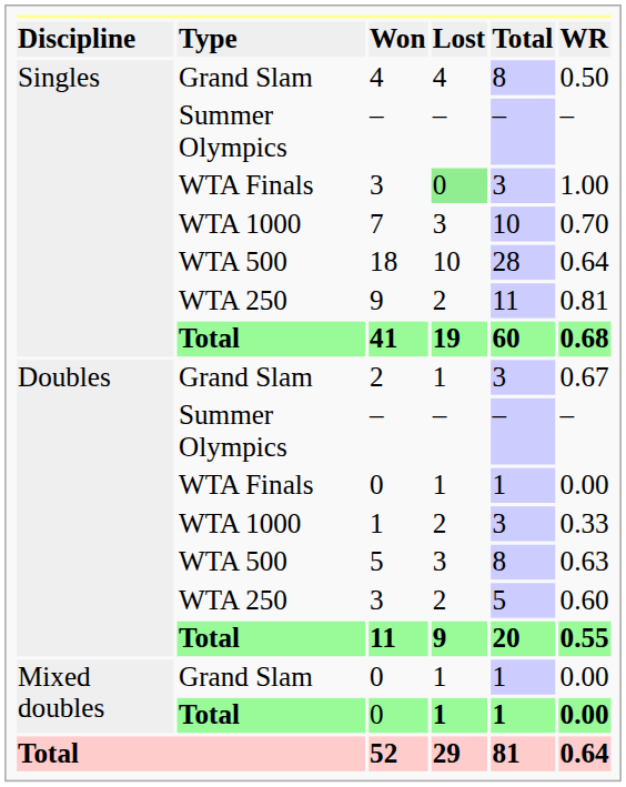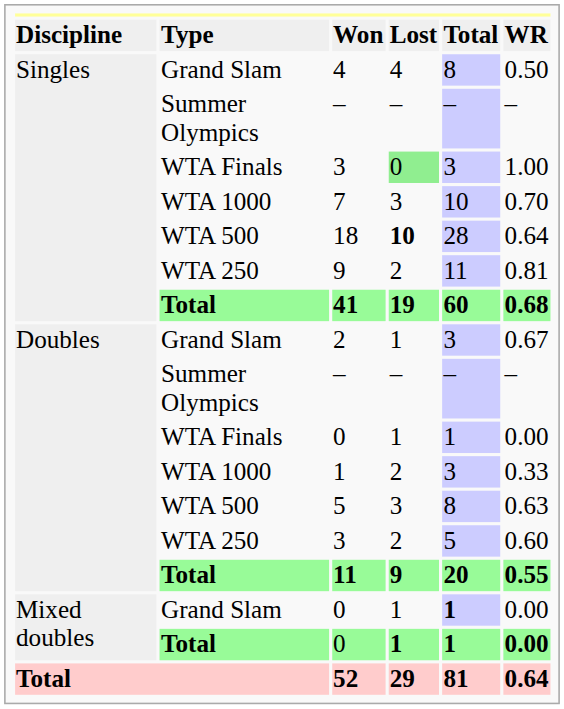 <table class="infobox vcard vevent nowrap" width=40%>
 <tr bgcolor=FFFF99>
 <th colspan=6></th>
 </tr>
 <tr style=background:#efefef;font-weight:bold>
 <td>Discipline</td>
 <td>Type</td>
 <td>Won</td>
 <td>Lost</td>
 <td>Total</td>
 <td>WR</td>
 </tr>
 <tr>
 <td rowspan="7" bgcolor=efefef>Singles</td>
 <td>Grand Slam</td>
 <td>4</td>
 <td>4</td>
 <td bgcolor=CCCCFF>8</td>
 <td>0.50</td>
 </tr>
 <tr>
 <td>Summer Olympics</td>
 <td>–</td>
 <td>–</td>
 <td bgcolor=CCCCFF>–</td>
 <td>–</td>
 </tr>
 <tr>
 <td>WTA Finals</td>
 <td>3</td>
 <td style="background: lightgreen;">0</td>
 <td bgcolor="CCCCFF">3</td>
 <td>1.00</td>
 </tr>
 <tr>
 <td>WTA 1000</td>
 <td>7</td>
 <td>3</td>
 <td bgcolor=CCCCFF>10</td>
 <td>0.70</td>
 </tr>
 <tr>
 <td>WTA 500</td>
 <td>18</td>
-<td>10</td>
+<td><strong>10</strong></td>
 <td bgcolor="CCCCFF">28</td>
 <td>0.64</td>
 </tr>
 <tr>
 <td>WTA 250</td>
 <td>9</td>
 <td>2</td>
 <td bgcolor="CCCCFF">11</td>
 <td>0.81</td>
 </tr>
 <tr bgcolor=98FB98>
 <td><strong>Total</strong></td>
 <td><strong>41</strong></td>
 <td><strong>19</strong></td>
 <td><strong>60</strong></td>
 <td><strong>0.68</strong></td>
 </tr>
 <tr>
 <td rowspan="7" bgcolor=efefef>Doubles</td>
 <td>Grand Slam</td>
 <td>2</td>
 <td>1</td>
 <td bgcolor=CCCCFF>3</td>
 <td>0.67</td>
 </tr>
 <tr>
 <td>Summer Olympics</td>
 <td>–</td>
 <td>–</td>
 <td bgcolor=CCCCFF>–</td>
 <td>–</td>
 </tr>
 <tr>
 <td>WTA Finals</td>
 <td>0</td>
 <td>1</td>
 <td bgcolor=CCCCFF>1</td>
 <td>0.00</td>
 </tr>
 <tr>
 <td>WTA 1000</td>
 <td>1</td>
 <td>2</td>
 <td bgcolor=CCCCFF>3</td>
 <td>0.33</td>
 </tr>
 <tr>
 <td>WTA 500</td>
 <td>5</td>
 <td>3</td>
 <td bgcolor="CCCCFF">8</td>
 <td>0.63</td>
 </tr>
 <tr>
 <td>WTA 250</td>
 <td>3</td>
 <td>2</td>
 <td bgcolor="CCCCFF">5</td>
 <td>0.60</td>
 </tr>
 <tr bgcolor=98FB98>
 <td><strong>Total</strong></td>
 <td><strong>11</strong></td>
 <td><strong>9</strong></td>
 <td><strong>20</strong></td>
 <td><strong>0.55</strong></td>
 </tr>
 <tr>
 <td rowspan=2 bgcolor=efefef>Mixed doubles</td>
 <td>Grand Slam</td>
 <td>0</td>
 <td>1</td>
-<td bgcolor=CCCCFF>1</td>
+<td bgcolor=CCCCFF><strong>1</strong></td>
 <td>0.00</td>
 </tr>
 <tr bgcolor=98FB98>
 <td><strong>Total</strong></td>
 <td>0</td>
 <td><strong>1</strong></td>
 <td><strong>1</strong></td>
 <td><strong>0.00</strong></td>
 </tr>
 <tr bgcolor=FFCCCC>
 <td colspan=2><strong>Total</strong></td>
 <td><strong>52</strong></td>
 <td><strong>29</strong></td>
 <td><strong>81</strong></td>
 <td><strong>0.64</strong></td>
 </tr>
 </table>
